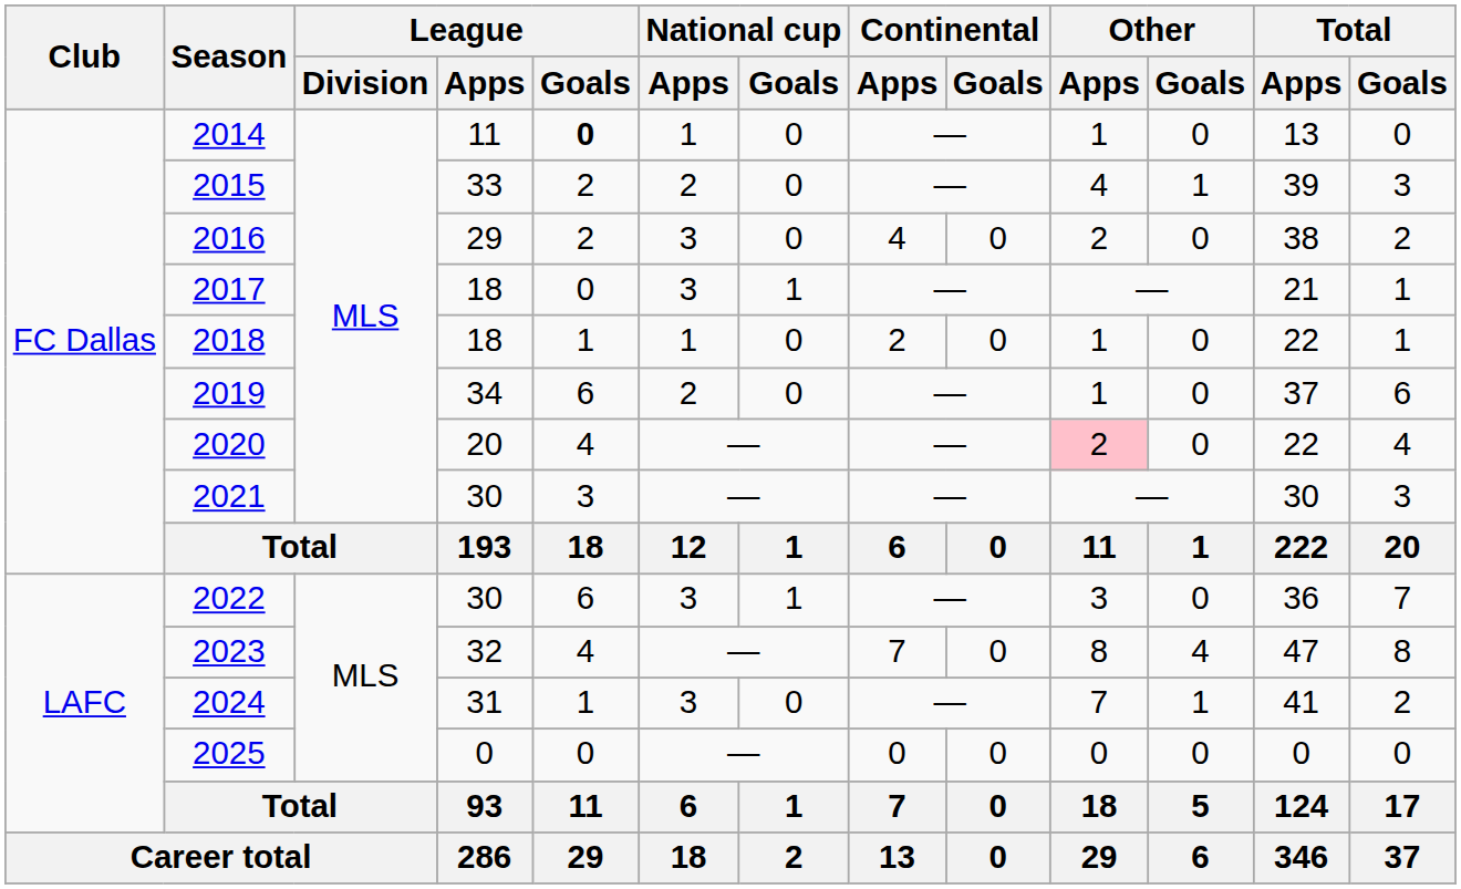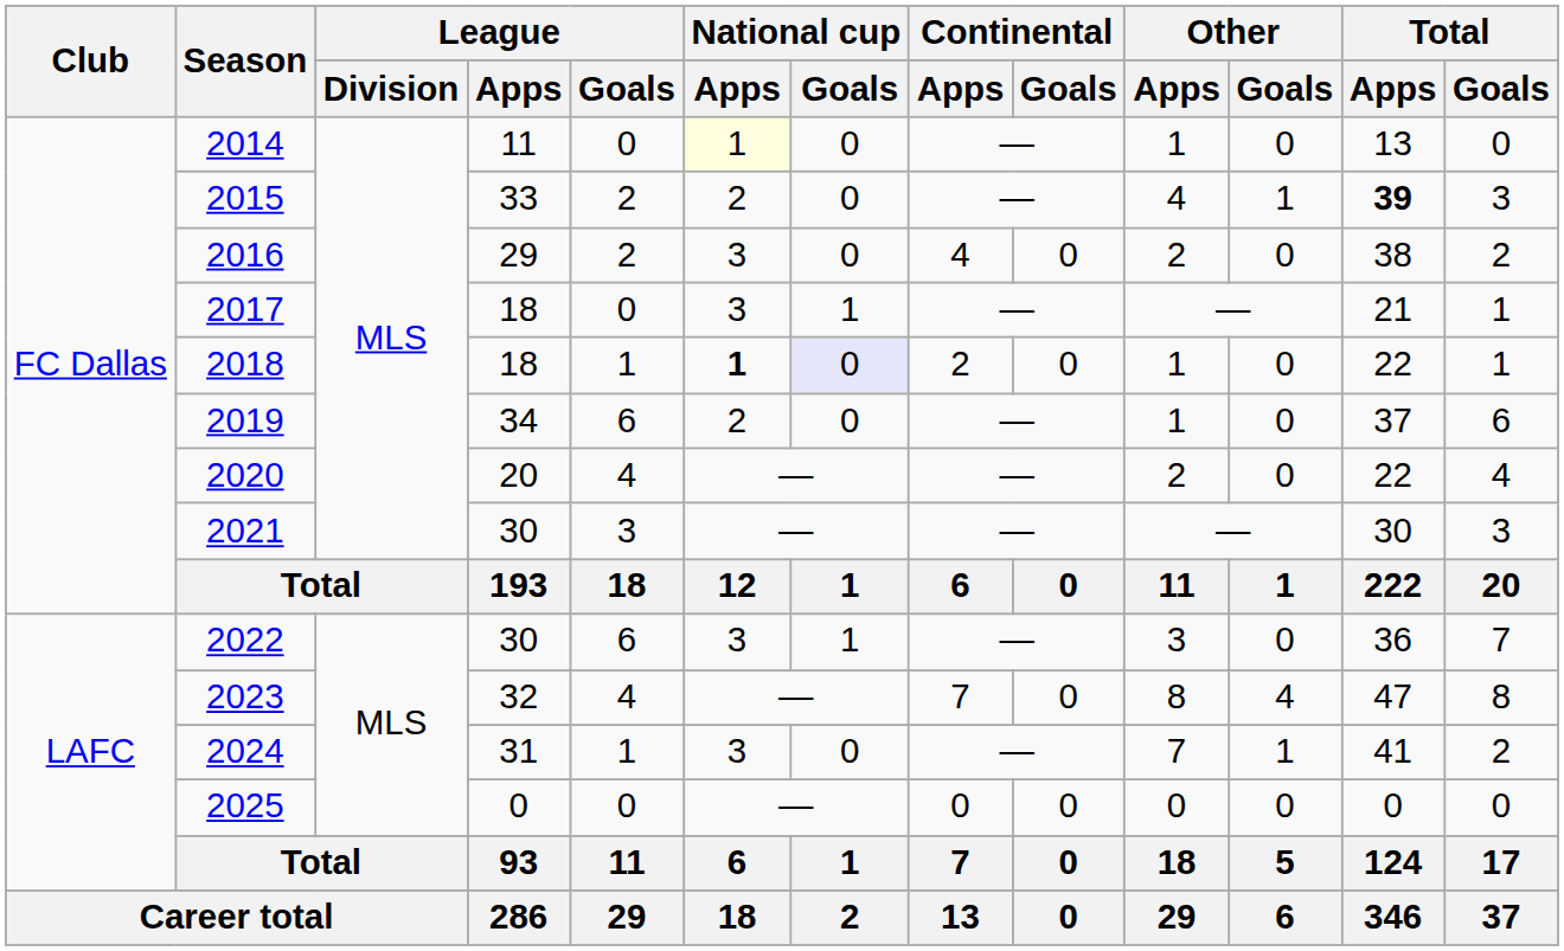 <table class="wikitable" style="text-align:center">
 <tr>
 <th rowspan="2">Club</th>
 <th rowspan="2">Season</th>
 <th colspan="3">League</th>
 <th colspan="2">National cup</th>
 <th colspan="2">Continental</th>
 <th colspan="2">Other</th>
 <th colspan="2">Total</th>
 </tr>
 <tr>
 <th>Division</th>
 <th>Apps</th>
 <th>Goals</th>
 <th>Apps</th>
 <th>Goals</th>
 <th>Apps</th>
 <th>Goals</th>
 <th>Apps</th>
 <th>Goals</th>
 <th>Apps</th>
 <th>Goals</th>
 </tr>
 <tr>
 <td rowspan="9"><a href='#'>FC Dallas</a></td>
 <td><a href='#'>2014</a></td>
 <td rowspan="8"><a href='#'>MLS</a></td>
 <td>11</td>
-<td><strong>0</strong></td>
-<td>1</td>
+<td>0</td>
+<td style="background: lightyellow;">1</td>
 <td>0</td>
 <td colspan="2">—</td>
 <td>1</td>
 <td>0</td>
 <td>13</td>
 <td>0</td>
 </tr>
 <tr>
 <td><a href='#'>2015</a></td>
 <td>33</td>
 <td>2</td>
 <td>2</td>
 <td>0</td>
 <td colspan="2">—</td>
 <td>4</td>
 <td>1</td>
-<td>39</td>
+<td><strong>39</strong></td>
 <td>3</td>
 </tr>
 <tr>
 <td><a href='#'>2016</a></td>
 <td>29</td>
 <td>2</td>
 <td>3</td>
 <td>0</td>
 <td>4</td>
 <td>0</td>
 <td>2</td>
 <td>0</td>
 <td>38</td>
 <td>2</td>
 </tr>
 <tr>
 <td><a href='#'>2017</a></td>
 <td>18</td>
 <td>0</td>
 <td>3</td>
 <td>1</td>
 <td colspan="2">—</td>
 <td colspan="2">—</td>
 <td>21</td>
 <td>1</td>
 </tr>
 <tr>
 <td><a href='#'>2018</a></td>
 <td>18</td>
 <td>1</td>
-<td>1</td>
-<td>0</td>
+<td><strong>1</strong></td>
+<td style="background: lavender;">0</td>
 <td>2</td>
 <td>0</td>
 <td>1</td>
 <td>0</td>
 <td>22</td>
 <td>1</td>
 </tr>
 <tr>
 <td><a href='#'>2019</a></td>
 <td>34</td>
 <td>6</td>
 <td>2</td>
 <td>0</td>
 <td colspan="2">—</td>
 <td>1</td>
 <td>0</td>
 <td>37</td>
 <td>6</td>
 </tr>
 <tr>
 <td><a href='#'>2020</a></td>
 <td>20</td>
 <td>4</td>
 <td colspan="2">—</td>
 <td colspan="2">—</td>
-<td style="background: pink;">2</td>
+<td>2</td>
 <td>0</td>
 <td>22</td>
 <td>4</td>
 </tr>
 <tr>
 <td><a href='#'>2021</a></td>
 <td>30</td>
 <td>3</td>
 <td colspan="2">—</td>
 <td colspan="2">—</td>
 <td colspan="2">—</td>
 <td>30</td>
 <td>3</td>
 </tr>
 <tr>
 <th colspan="2">Total</th>
 <th>193</th>
 <th>18</th>
 <th>12</th>
 <th>1</th>
 <th>6</th>
 <th>0</th>
 <th>11</th>
 <th>1</th>
 <th>222</th>
 <th>20</th>
 </tr>
 <tr>
 <td rowspan="5"><a href='#'>LAFC</a></td>
 <td><a href='#'>2022</a></td>
 <td rowspan="4">MLS</td>
 <td>30</td>
 <td>6</td>
 <td>3</td>
 <td>1</td>
 <td colspan="2">—</td>
 <td>3</td>
 <td>0</td>
 <td>36</td>
 <td>7</td>
 </tr>
 <tr>
 <td><a href='#'>2023</a></td>
 <td>32</td>
 <td>4</td>
 <td colspan="2">—</td>
 <td>7</td>
 <td>0</td>
 <td>8</td>
 <td>4</td>
 <td>47</td>
 <td>8</td>
 </tr>
 <tr>
 <td><a href='#'>2024</a></td>
 <td>31</td>
 <td>1</td>
 <td>3</td>
 <td>0</td>
 <td colspan="2">—</td>
 <td>7</td>
 <td>1</td>
 <td>41</td>
 <td>2</td>
 </tr>
 <tr>
 <td><a href='#'>2025</a></td>
 <td>0</td>
 <td>0</td>
 <td colspan="2">—</td>
 <td>0</td>
 <td>0</td>
 <td>0</td>
 <td>0</td>
 <td>0</td>
 <td>0</td>
 </tr>
 <tr>
 <th colspan="2">Total</th>
 <th>93</th>
 <th>11</th>
 <th>6</th>
 <th>1</th>
 <th>7</th>
 <th>0</th>
 <th>18</th>
 <th>5</th>
 <th>124</th>
 <th>17</th>
 </tr>
 <tr>
 <th colspan="3">Career total</th>
 <th>286</th>
 <th>29</th>
 <th>18</th>
 <th>2</th>
 <th>13</th>
 <th>0</th>
 <th>29</th>
 <th>6</th>
 <th>346</th>
 <th>37</th>
 </tr>
 </table>
